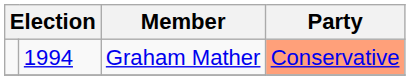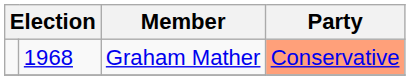 <table class="wikitable">
 <tr>
 <th colspan="2">Election</th>
 <th>Member</th>
 <th>Party</th>
 </tr>
 <tr>
 <td style="background-color: "></td>
-<td><a href='#'>1994</a></td>
+<td><a href='#'>1968</a></td>
 <td><a href='#'>Graham Mather</a></td>
 <td style="background: lightsalmon;"><a href='#'>Conservative</a></td>
 </tr>
 <tr>
 </tr>
 </table>
